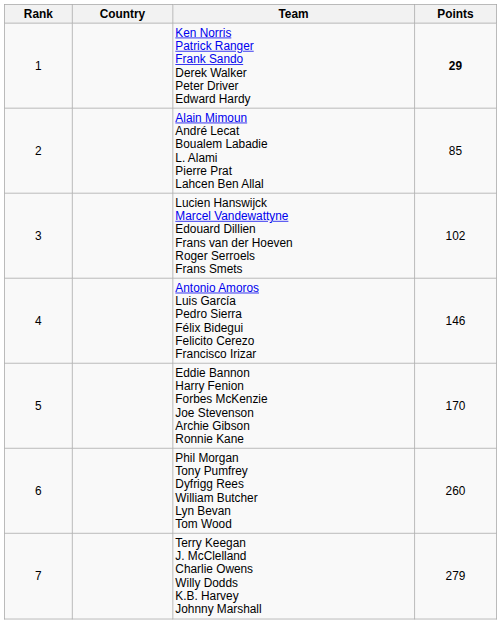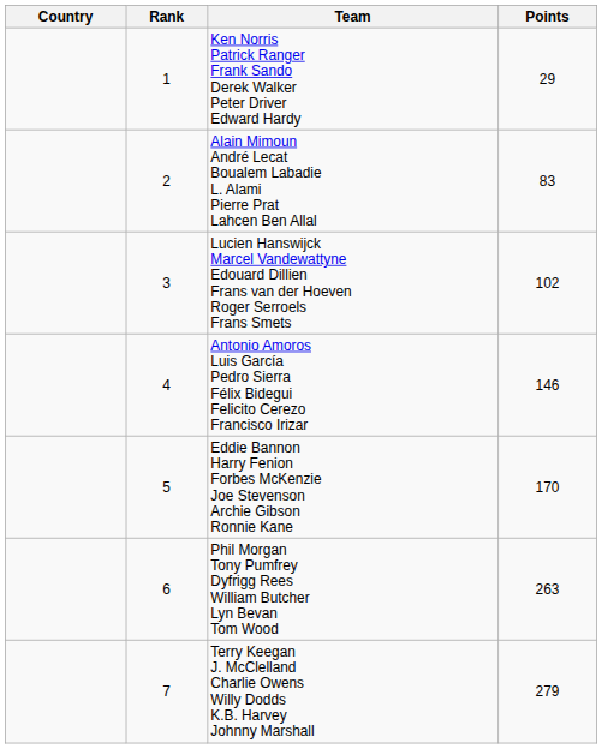 <table class="wikitable sortable" style=" text-align:center; font-size:95%;" width="50%">
 <tr>
+<th>Country</th>
 <th>Rank</th>
-<th>Country</th>
 <th>Team</th>
 <th>Points</th>
 </tr>
 <tr>
+<td align=left></td>
 <td align=center>1</td>
-<td align=left></td>
 <td align=left><a href='#'>Ken Norris</a><br><a href='#'>Patrick Ranger</a><br><a href='#'>Frank Sando</a><br>Derek Walker<br>Peter Driver<br>Edward Hardy</td>
-<td><strong>29</strong></td>
+<td>29</td>
 </tr>
 <tr>
+<td align=left></td>
 <td align=center>2</td>
-<td align=left></td>
 <td align=left><a href='#'>Alain Mimoun</a><br>André Lecat<br>Boualem Labadie<br>L. Alami<br>Pierre Prat<br>Lahcen Ben Allal</td>
-<td>85</td>
+<td>83</td>
 </tr>
 <tr>
+<td align=left></td>
 <td align=center>3</td>
-<td align=left></td>
 <td align=left>Lucien Hanswijck<br><a href='#'>Marcel Vandewattyne</a><br>Edouard Dillien<br>Frans van der Hoeven<br>Roger Serroels<br>Frans Smets</td>
 <td>102</td>
 </tr>
 <tr>
+<td align=left></td>
 <td align=center>4</td>
-<td align=left></td>
 <td align=left><a href='#'>Antonio Amoros</a><br>Luis García<br>Pedro Sierra<br>Félix Bidegui<br>Felicito Cerezo<br>Francisco Irizar</td>
 <td>146</td>
 </tr>
 <tr>
+<td align=left></td>
 <td align=center>5</td>
-<td align=left></td>
 <td align=left>Eddie Bannon<br>Harry Fenion<br>Forbes McKenzie<br>Joe Stevenson<br>Archie Gibson<br>Ronnie Kane</td>
 <td>170</td>
 </tr>
 <tr>
+<td align=left></td>
 <td align=center>6</td>
-<td align=left></td>
 <td align=left>Phil Morgan<br>Tony Pumfrey<br>Dyfrigg Rees<br>William Butcher<br>Lyn Bevan<br>Tom Wood</td>
-<td>260</td>
+<td>263</td>
 </tr>
 <tr>
+<td align=left></td>
 <td align=center>7</td>
-<td align=left></td>
 <td align=left>Terry Keegan<br>J. McClelland<br>Charlie Owens<br>Willy Dodds<br>K.B. Harvey<br>Johnny Marshall</td>
 <td>279</td>
 </tr>
 </table>
